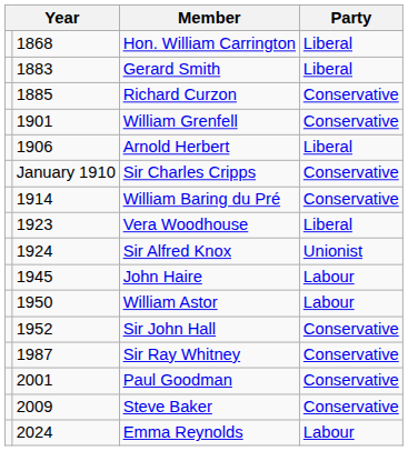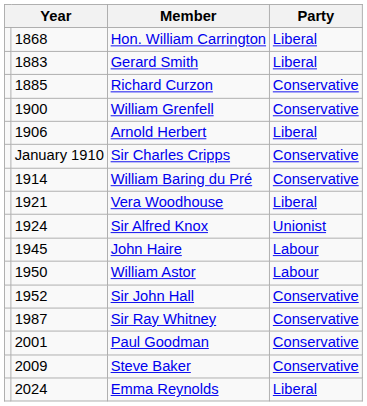 <table class="wikitable">
 <tr>
 <th colspan="2">Year</th>
 <th>Member</th>
 <th>Party</th>
 </tr>
 <tr>
 <td style="color:inherit;background-color: "></td>
 <td>1868</td>
 <td><a href='#'>Hon. William Carrington</a></td>
 <td><a href='#'>Liberal</a></td>
 </tr>
 <tr>
 <td style="color:inherit;background-color: "></td>
 <td>1883</td>
 <td><a href='#'>Gerard Smith</a></td>
 <td><a href='#'>Liberal</a></td>
 </tr>
 <tr>
 <td style="color:inherit;background-color: "></td>
 <td>1885</td>
 <td><a href='#'>Richard Curzon</a></td>
 <td><a href='#'>Conservative</a></td>
 </tr>
 <tr>
 <td style="color:inherit;background-color: "></td>
-<td>1901</td>
+<td>1900</td>
 <td><a href='#'>William Grenfell</a></td>
 <td><a href='#'>Conservative</a></td>
 </tr>
 <tr>
 <td style="color:inherit;background-color: "></td>
 <td>1906</td>
 <td><a href='#'>Arnold Herbert</a></td>
 <td><a href='#'>Liberal</a></td>
 </tr>
 <tr>
 <td style="color:inherit;background-color: "></td>
 <td>January 1910</td>
 <td><a href='#'>Sir Charles Cripps</a></td>
 <td><a href='#'>Conservative</a></td>
 </tr>
 <tr>
 <td style="color:inherit;background-color: "></td>
 <td>1914</td>
 <td><a href='#'>William Baring du Pré</a></td>
 <td><a href='#'>Conservative</a></td>
 </tr>
 <tr>
 <td style="color:inherit;background-color: "></td>
-<td>1923</td>
+<td>1921</td>
 <td><a href='#'>Vera Woodhouse</a></td>
 <td><a href='#'>Liberal</a></td>
 </tr>
 <tr>
 <td style="color:inherit;background-color: "></td>
 <td>1924</td>
 <td><a href='#'>Sir Alfred Knox</a></td>
 <td><a href='#'>Unionist</a></td>
 </tr>
 <tr>
 <td style="color:inherit;background-color: "></td>
 <td>1945</td>
 <td><a href='#'>John Haire</a></td>
 <td><a href='#'>Labour</a></td>
 </tr>
 <tr>
 <td style="color:inherit;background-color: "></td>
 <td>1950</td>
 <td><a href='#'>William Astor</a></td>
 <td><a href='#'>Labour</a></td>
 </tr>
 <tr>
 <td style="color:inherit;background-color: "></td>
 <td>1952</td>
 <td><a href='#'>Sir John Hall</a></td>
 <td><a href='#'>Conservative</a></td>
 </tr>
 <tr>
 <td style="color:inherit;background-color: "></td>
 <td>1987</td>
 <td><a href='#'>Sir Ray Whitney</a></td>
 <td><a href='#'>Conservative</a></td>
 </tr>
 <tr>
 <td style="color:inherit;background-color: "></td>
 <td>2001</td>
 <td><a href='#'>Paul Goodman</a></td>
 <td><a href='#'>Conservative</a></td>
 </tr>
 <tr>
 <td style="color:inherit;background-color: "></td>
 <td>2009</td>
 <td><a href='#'>Steve Baker</a></td>
 <td><a href='#'>Conservative</a></td>
 </tr>
 <tr>
 <td style="color:inherit;background-color: "></td>
 <td>2024</td>
 <td><a href='#'>Emma Reynolds</a></td>
-<td><a href='#'>Labour</a></td>
+<td><a href='#'>Liberal</a></td>
 </tr>
 </table>
